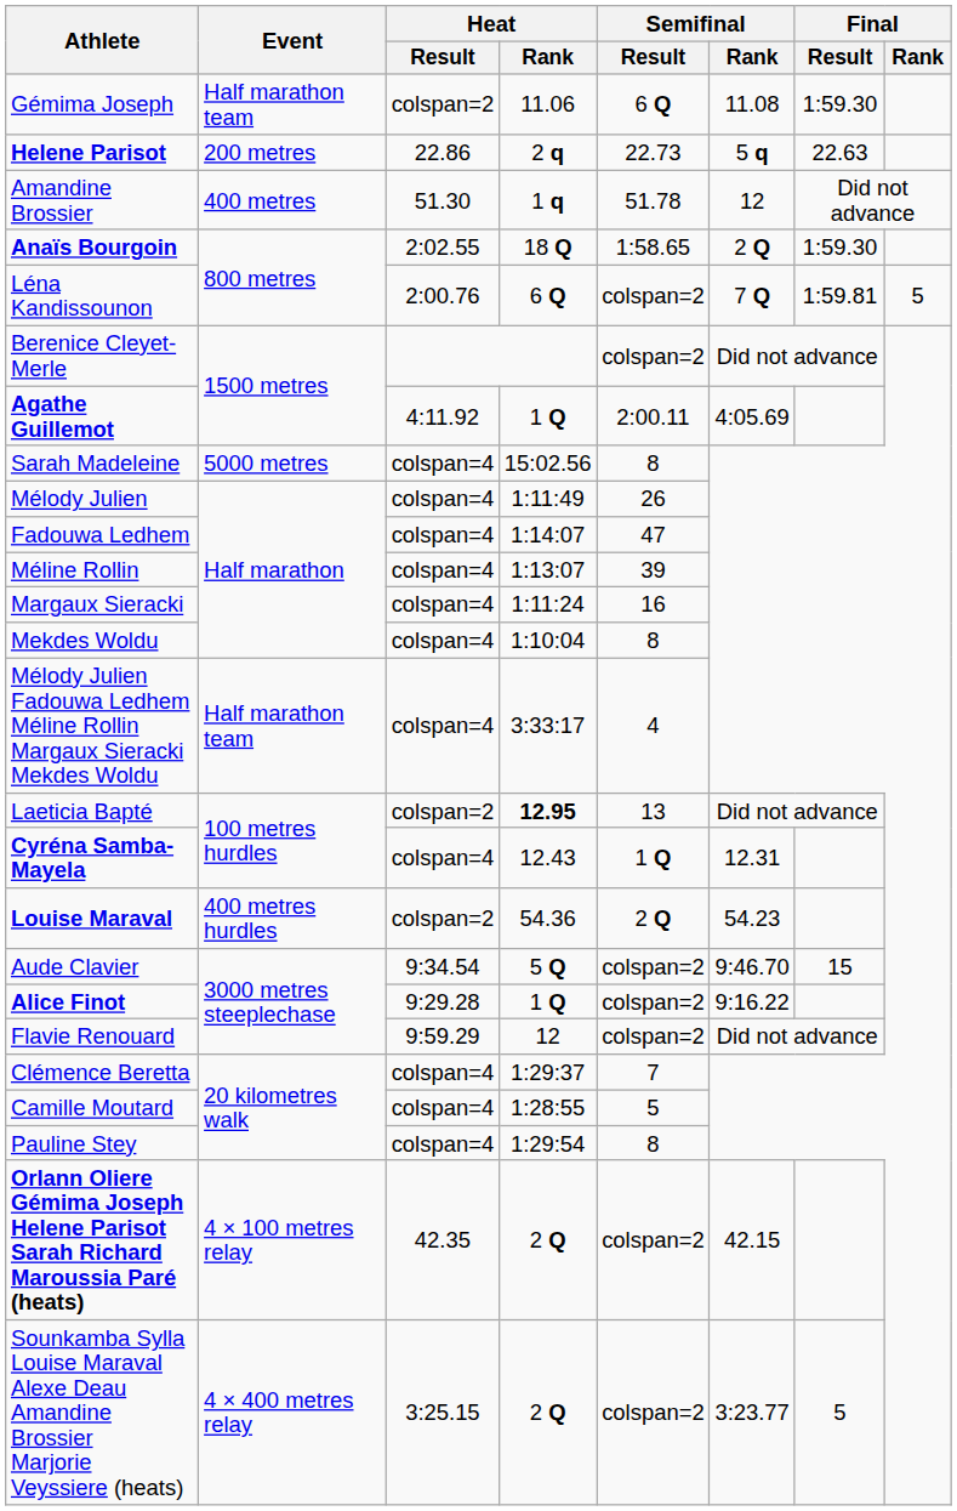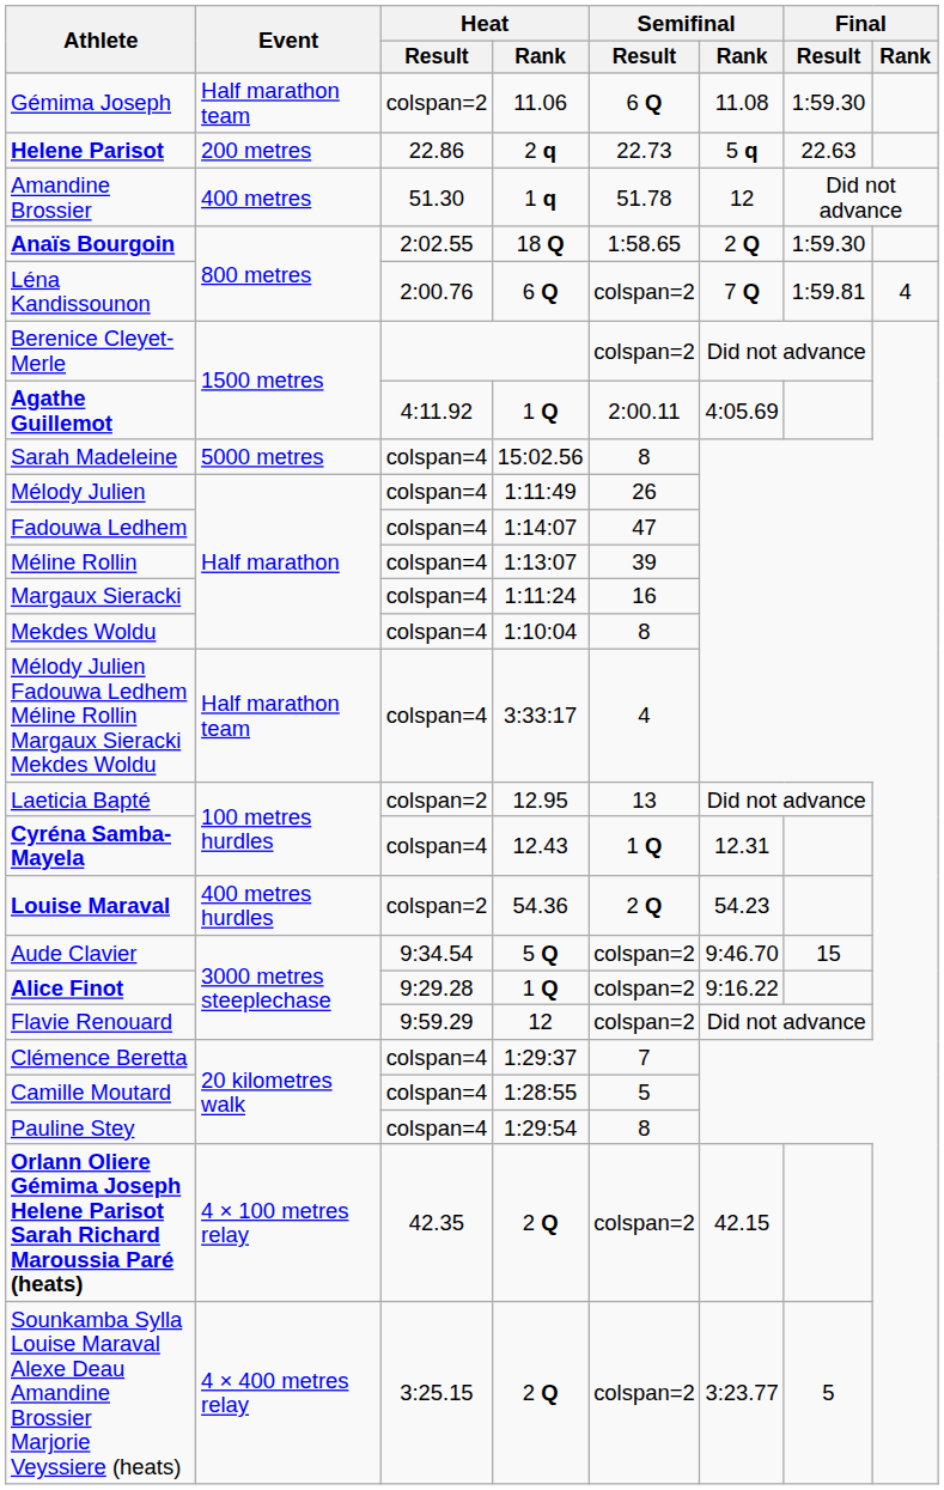 <table class=wikitable style=font-size:90%>
 <tr>
 <th rowspan=2>Athlete</th>
 <th rowspan=2>Event</th>
 <th colspan=2>Heat</th>
 <th colspan=2>Semifinal</th>
 <th colspan=2>Final</th>
 </tr>
 <tr style=font-size:95%>
 <th>Result</th>
 <th>Rank</th>
 <th>Result</th>
 <th>Rank</th>
 <th>Result</th>
 <th>Rank</th>
 </tr>
 <tr align=center>
 <td align=left><a href='#'>Gémima Joseph</a></td>
 <td align=left><a href='#'>Half marathon team</a></td>
 <td>colspan=2</td>
 <td>11.06</td>
 <td>6 <strong>Q</strong></td>
 <td>11.08</td>
 <td>1:59.30</td>
 </tr>
 <tr align=center>
 <td align=left><strong><a href='#'>Helene Parisot</a></strong></td>
 <td align=left><a href='#'>200 metres</a></td>
 <td>22.86 </td>
 <td>2 <strong>q</strong></td>
 <td>22.73 </td>
 <td>5 <strong>q</strong></td>
 <td>22.63 </td>
 <td></td>
 </tr>
 <tr align=center>
 <td align=left><a href='#'>Amandine Brossier</a></td>
 <td align=left><a href='#'>400 metres</a></td>
 <td>51.30 </td>
 <td>1 <strong>q</strong></td>
 <td>51.78</td>
 <td>12</td>
 <td colspan=2>Did not advance</td>
 </tr>
 <tr align=center>
 <td align=left><strong><a href='#'>Anaïs Bourgoin</a></strong></td>
 <td align=left rowspan=2><a href='#'>800 metres</a></td>
 <td>2:02.55</td>
 <td>18 <strong>Q</strong></td>
 <td>1:58.65 </td>
 <td>2 <strong>Q</strong></td>
 <td>1:59.30</td>
 <td></td>
 </tr>
 <tr align=center>
 <td align=left><a href='#'>Léna Kandissounon</a></td>
 <td>2:00.76 </td>
 <td>6 <strong>Q</strong></td>
 <td>colspan=2</td>
 <td>7 <strong>Q</strong></td>
 <td>1:59.81 </td>
-<td>5</td>
+<td>4</td>
 </tr>
 <tr align=center>
 <td align=left><a href='#'>Berenice Cleyet-Merle</a></td>
 <td align=left rowspan=2><a href='#'>1500 metres</a></td>
 <td colspan=2></td>
 <td>colspan=2</td>
 <td colspan=2>Did not advance</td>
 </tr>
 <tr align=center>
 <td align=left><strong><a href='#'>Agathe Guillemot</a></strong></td>
 <td>4:11.92</td>
 <td>1 <strong>Q</strong></td>
 <td>2:00.11 </td>
 <td>4:05.69</td>
 <td></td>
 </tr>
 <tr align=center>
 <td align=left><a href='#'>Sarah Madeleine</a></td>
 <td align=left><a href='#'>5000 metres</a></td>
 <td>colspan=4</td>
 <td>15:02.56 </td>
 <td>8</td>
 </tr>
 <tr align=center>
 <td align=left><a href='#'>Mélody Julien</a></td>
 <td align=left rowspan=5><a href='#'>Half marathon</a></td>
 <td>colspan=4</td>
 <td>1:11:49 </td>
 <td>26</td>
 </tr>
 <tr align=center>
 <td align=left><a href='#'>Fadouwa Ledhem</a></td>
 <td>colspan=4</td>
 <td>1:14:07</td>
 <td>47</td>
 </tr>
 <tr align=center>
 <td align=left><a href='#'>Méline Rollin</a></td>
 <td>colspan=4</td>
 <td>1:13:07 </td>
 <td>39</td>
 </tr>
 <tr align=center>
 <td align=left><a href='#'>Margaux Sieracki</a></td>
 <td>colspan=4</td>
 <td>1:11:24</td>
 <td>16</td>
 </tr>
 <tr align=center>
 <td align=left><a href='#'>Mekdes Woldu</a></td>
 <td>colspan=4</td>
 <td>1:10:04 </td>
 <td>8</td>
 </tr>
 <tr align=center>
 <td align=left><a href='#'>Mélody Julien</a><br><a href='#'>Fadouwa Ledhem</a><br><a href='#'>Méline Rollin</a><br><a href='#'>Margaux Sieracki</a><br><a href='#'>Mekdes Woldu</a></td>
 <td align=left><a href='#'>Half marathon team</a></td>
 <td>colspan=4</td>
 <td>3:33:17</td>
 <td>4</td>
 </tr>
 <tr align=center>
 <td align=left><a href='#'>Laeticia Bapté</a></td>
 <td align=left rowspan=2><a href='#'>100 metres hurdles</a></td>
 <td>colspan=2</td>
-<td><strong>12.95</strong></td>
+<td>12.95</td>
 <td>13</td>
 <td colspan=2>Did not advance</td>
 </tr>
 <tr align=center>
 <td align=left><strong><a href='#'>Cyréna Samba-Mayela</a></strong></td>
 <td>colspan=4</td>
 <td>12.43 </td>
 <td>1 <strong>Q</strong></td>
 <td>12.31 </td>
 <td></td>
 </tr>
 <tr align=center>
 <td align=left><strong><a href='#'>Louise Maraval</a></strong></td>
 <td align=left><a href='#'>400 metres hurdles</a></td>
 <td>colspan=2</td>
 <td>54.36 </td>
 <td>2 <strong>Q</strong></td>
 <td>54.23 </td>
 <td></td>
 </tr>
 <tr align=center>
 <td align=left><a href='#'>Aude Clavier</a></td>
 <td align=left rowspan=3><a href='#'>3000 metres steeplechase</a></td>
 <td>9:34.54</td>
 <td>5 <strong>Q</strong></td>
 <td>colspan=2</td>
 <td>9:46.70</td>
 <td>15</td>
 </tr>
 <tr align=center>
 <td align=left><strong><a href='#'>Alice Finot</a></strong></td>
 <td>9:29.28 </td>
 <td>1 <strong>Q</strong></td>
 <td>colspan=2</td>
 <td>9:16.22 </td>
 <td></td>
 </tr>
 <tr align=center>
 <td align=left><a href='#'>Flavie Renouard</a></td>
 <td>9:59.29</td>
 <td>12</td>
 <td>colspan=2</td>
 <td colspan=2>Did not advance</td>
 </tr>
 <tr align=center>
 <td align=left><a href='#'>Clémence Beretta</a></td>
 <td align=left rowspan=3><a href='#'>20 kilometres walk</a></td>
 <td>colspan=4</td>
 <td>1:29:37</td>
 <td>7</td>
 </tr>
 <tr align=center>
 <td align=left><a href='#'>Camille Moutard</a></td>
 <td>colspan=4</td>
 <td>1:28:55 </td>
 <td>5</td>
 </tr>
 <tr align=center>
 <td align=left><a href='#'>Pauline Stey</a></td>
 <td>colspan=4</td>
 <td>1:29:54</td>
 <td>8</td>
 </tr>
 <tr align=center>
 <td align=left><strong><a href='#'>Orlann Oliere</a><br><a href='#'>Gémima Joseph</a><br><a href='#'>Helene Parisot</a><br><a href='#'>Sarah Richard</a><br><a href='#'>Maroussia Paré</a> (heats)</strong></td>
 <td align=left><a href='#'>4 × 100 metres relay</a></td>
 <td>42.35 </td>
 <td>2 <strong>Q</strong></td>
 <td>colspan=2</td>
 <td>42.15 </td>
 <td></td>
 </tr>
 <tr align=center>
 <td align=left><a href='#'>Sounkamba Sylla</a><br><a href='#'>Louise Maraval</a><br><a href='#'>Alexe Deau</a><br><a href='#'>Amandine Brossier</a><br><a href='#'>Marjorie Veyssiere</a> (heats)</td>
 <td align=left><a href='#'>4 × 400 metres relay</a></td>
 <td>3:25.15 </td>
 <td>2 <strong>Q</strong></td>
 <td>colspan=2</td>
 <td>3:23.77 </td>
 <td>5</td>
 </tr>
 </table>
